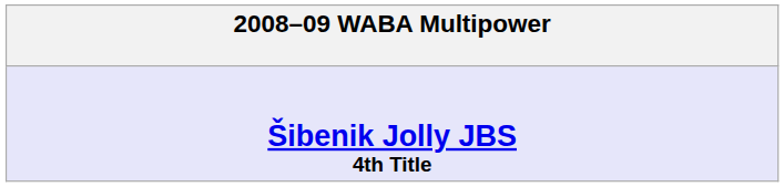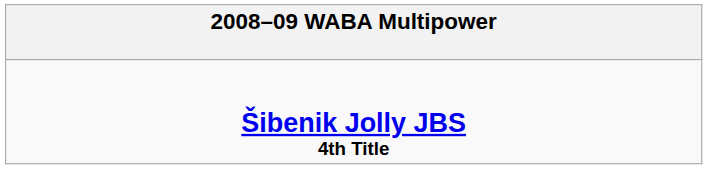 <table class="wikitable" style="margin: 0 auto; width: 30%;">
 <tr>
 <th><big>2008–09 WABA Multipower</big><br><br></th>
 </tr>
 <tr>
-<td align=center style="background: lavender;"><br><br><big><big><strong><a href='#'>Šibenik Jolly JBS</a></strong><br></big></big><strong>4th Title</strong></td>
+<td align=center><br><br><big><big><strong><a href='#'>Šibenik Jolly JBS</a></strong><br></big></big><strong>4th Title</strong></td>
 </tr>
 </table>
